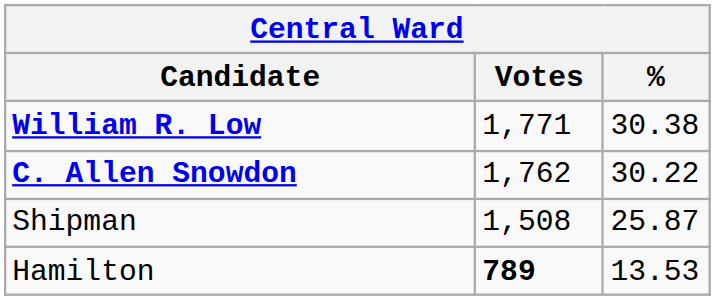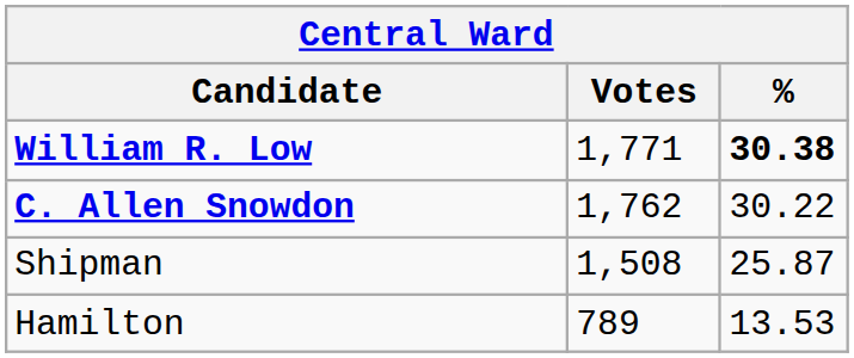 <table class="wikitable">
 <tr>
 <th colspan="3"><a href='#'>Central Ward</a></th>
 </tr>
 <tr>
 <th style="width: 200px">Candidate</th>
 <th style="width: 50px">Votes</th>
 <th style="width: 40px">%</th>
 </tr>
 <tr>
 <td><strong><a href='#'>William R. Low</a></strong></td>
 <td>1,771</td>
-<td>30.38</td>
+<td><strong>30.38</strong></td>
 </tr>
 <tr>
 <td><strong><a href='#'>C. Allen Snowdon</a></strong></td>
 <td>1,762</td>
 <td>30.22</td>
 </tr>
 <tr>
 <td>Shipman</td>
 <td>1,508</td>
 <td>25.87</td>
 </tr>
 <tr>
 <td>Hamilton</td>
-<td><strong>789</strong></td>
+<td>789</td>
 <td>13.53</td>
 </tr>
 </table>
